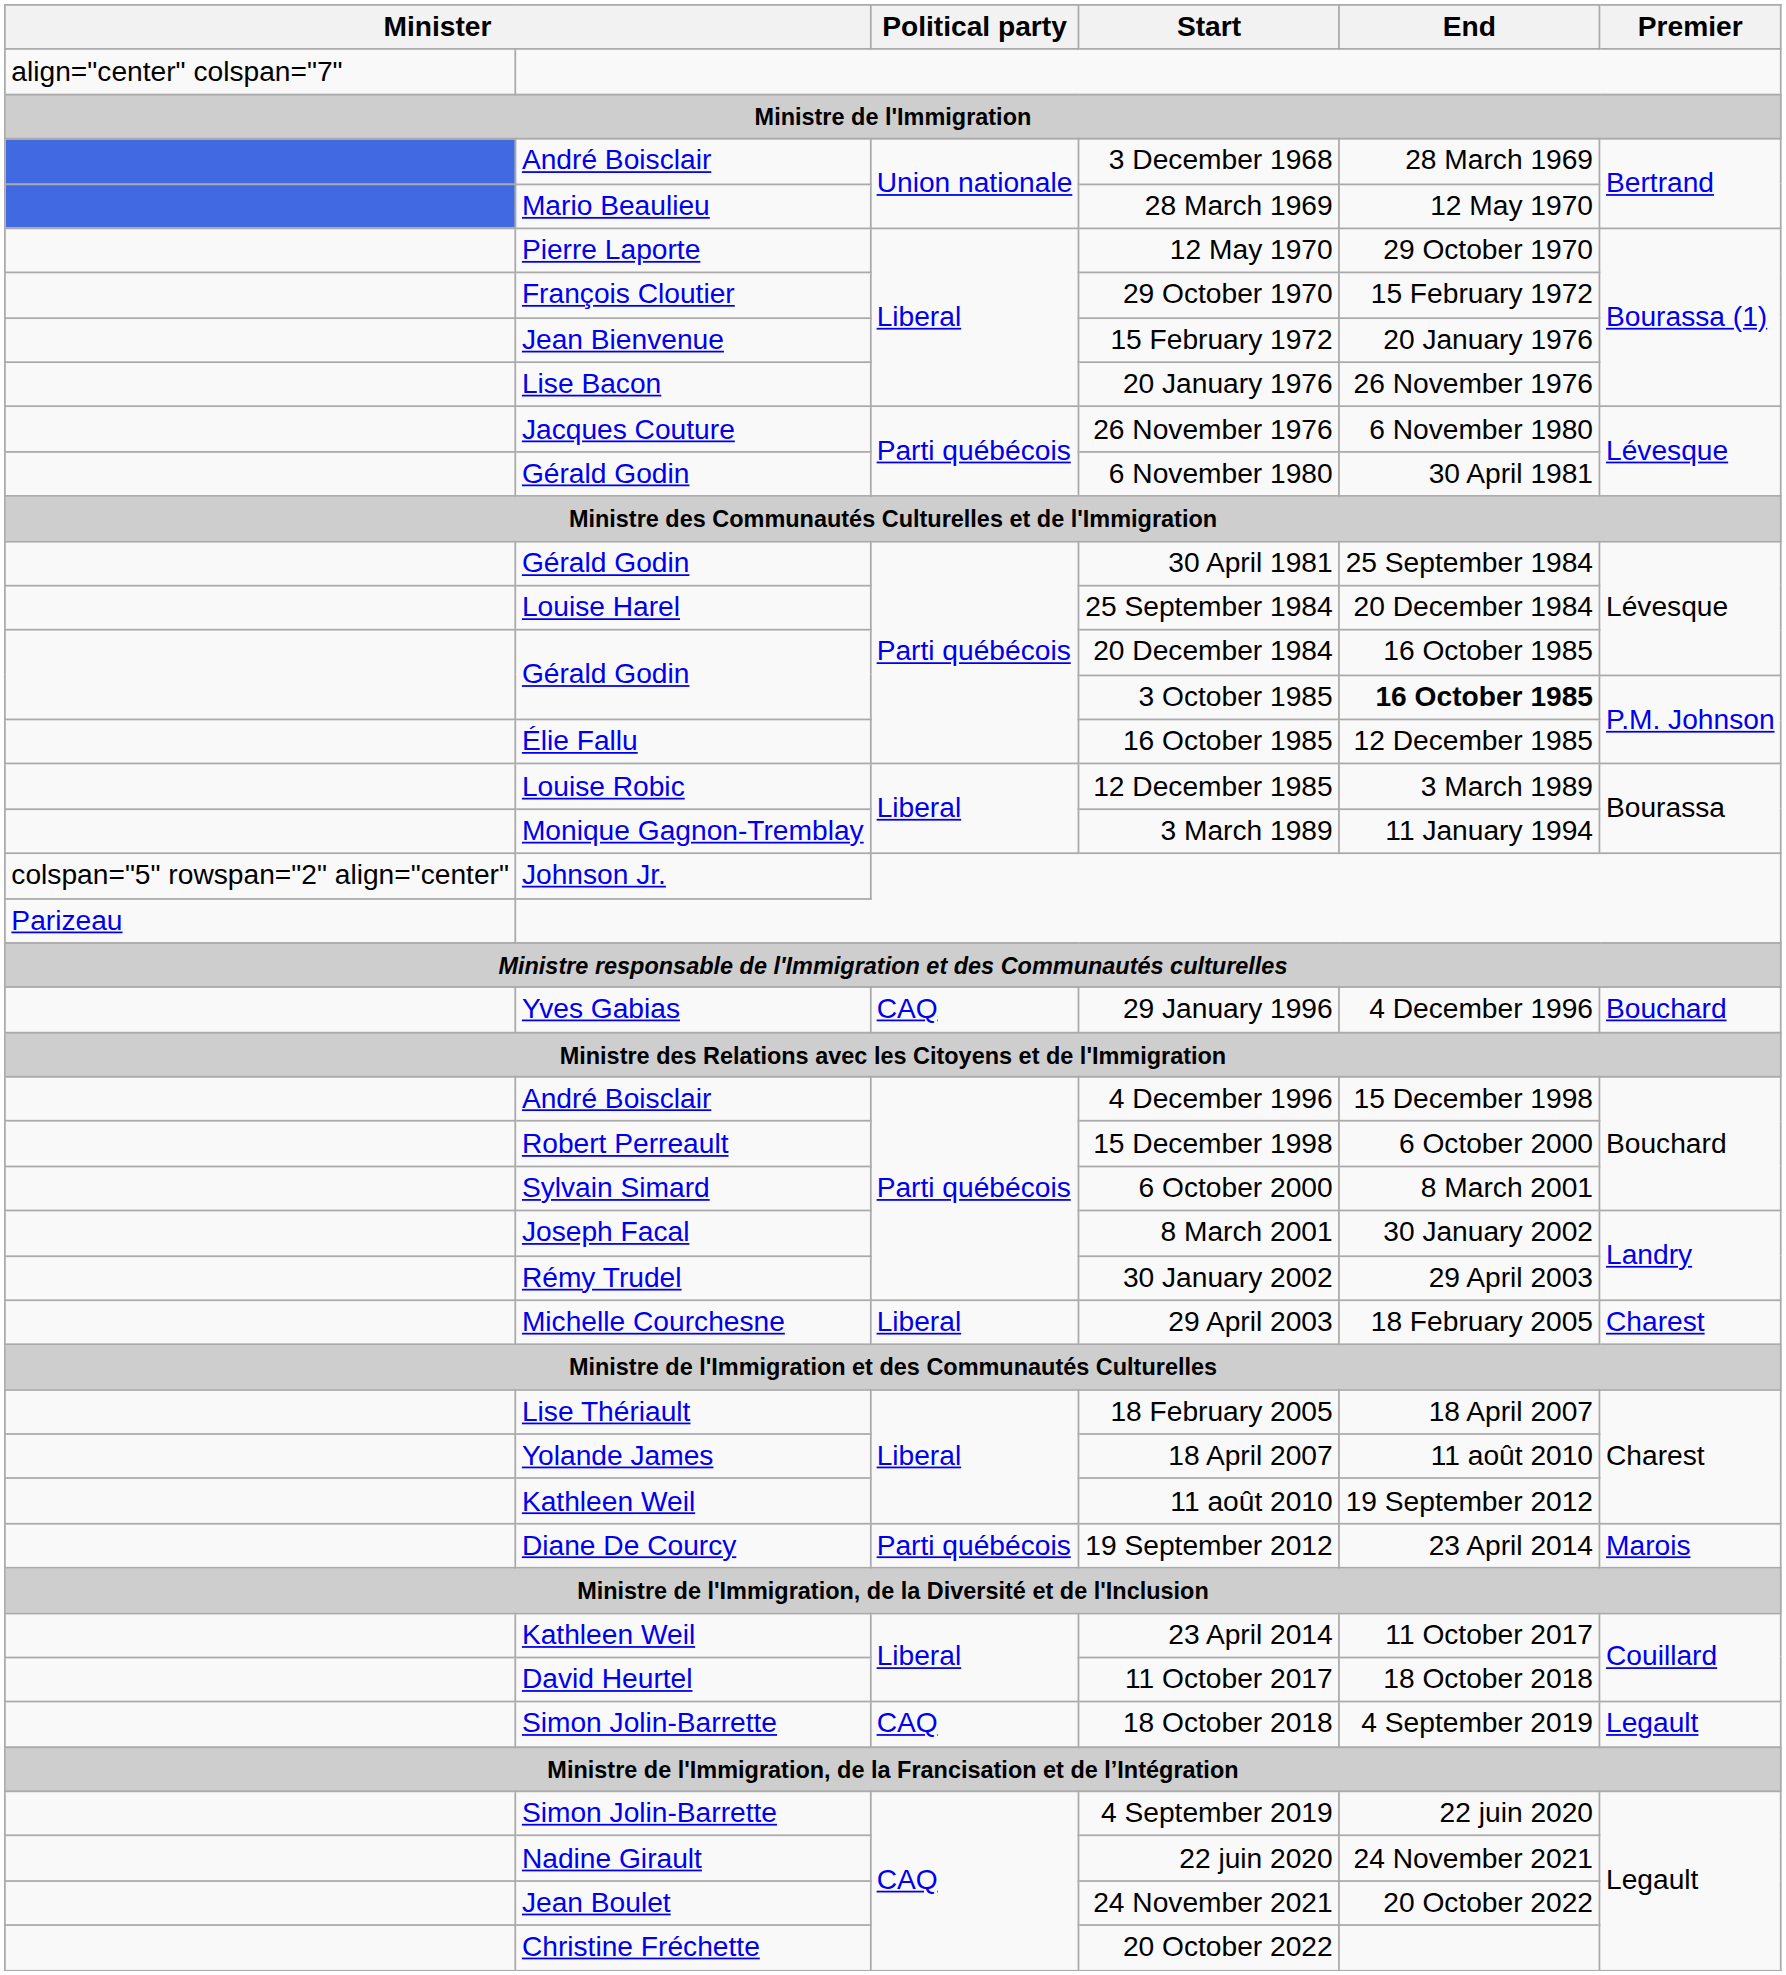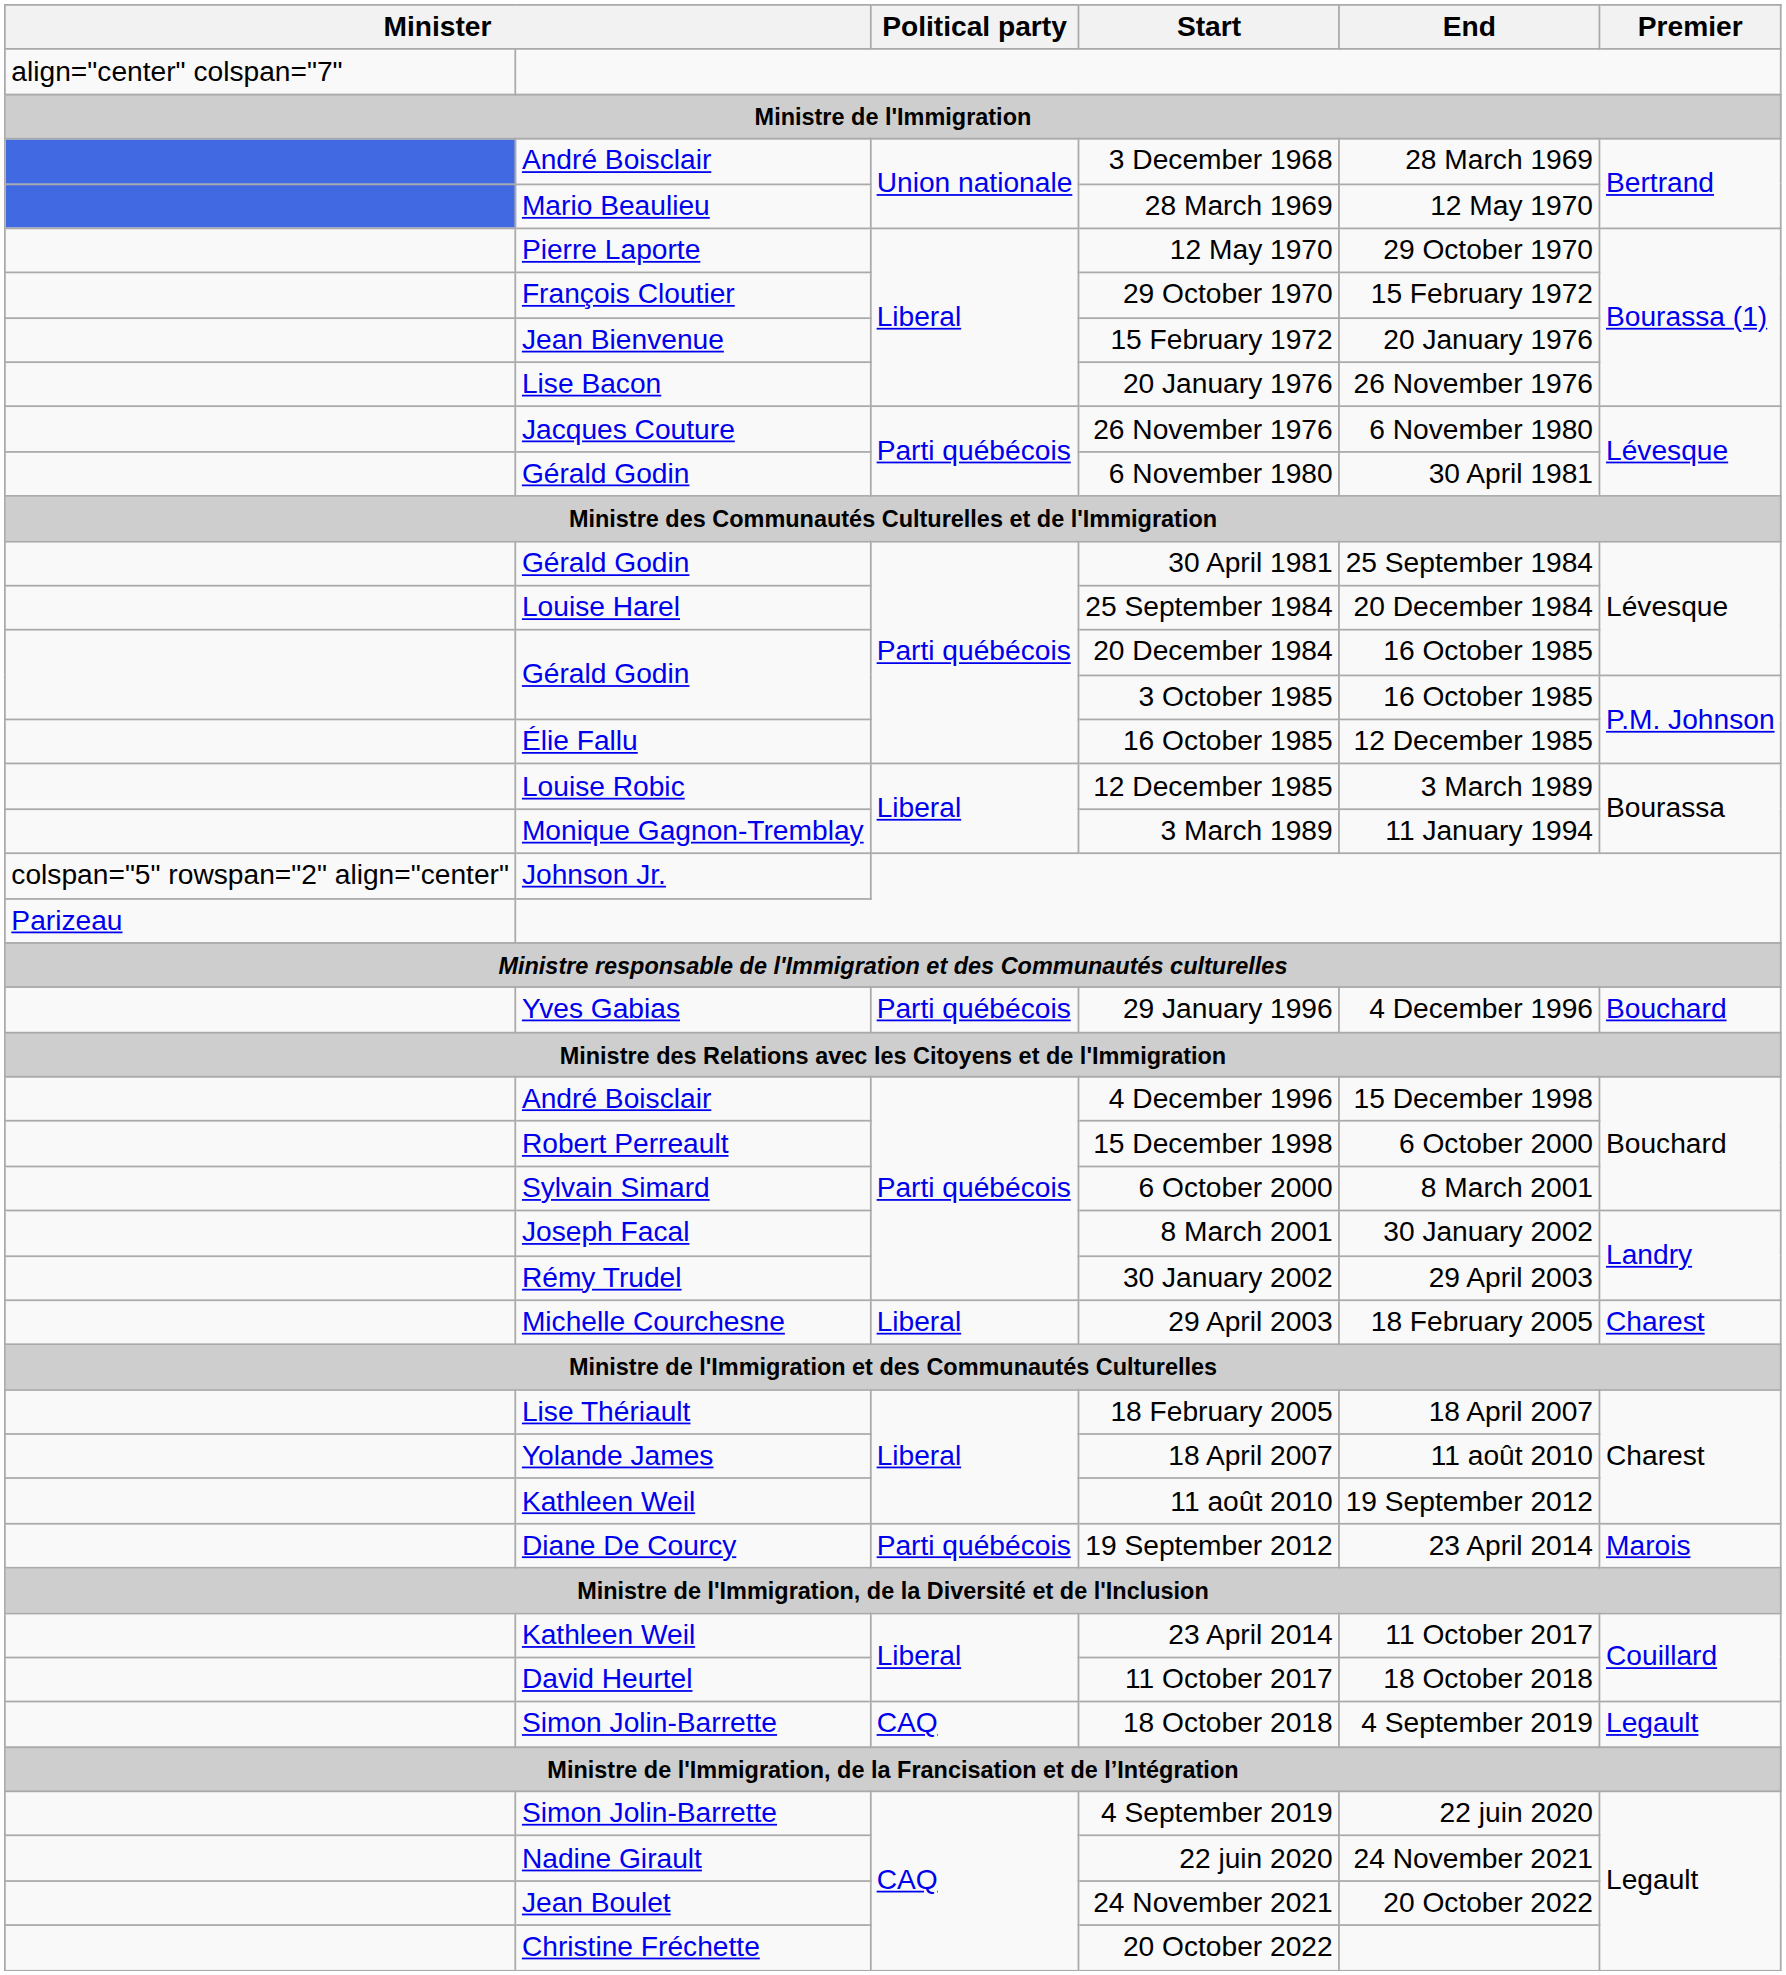 <table class="wikitable centre">
 <tr>
 <th scope="col" colspan="2">Minister</th>
 <th scope="col">Political party</th>
 <th scope="col">Start</th>
 <th scope="col">End</th>
 <th scope="col">Premier</th>
 </tr>
 <tr>
 <td>align="center" colspan="7" </td>
 </tr>
 <tr>
 <td colspan="6" style="background-color:#CECECE;" align="center"><strong><small>Ministre de l'Immigration</small></strong></td>
 </tr>
 <tr>
 <td bgcolor="RoyalBlue"></td>
 <td><a href='#'>André Boisclair</a></td>
 <td rowspan="2"><a href='#'>Union nationale</a></td>
 <td align=right>3 December 1968</td>
 <td align=right>28 March 1969</td>
 <td rowspan="2"><a href='#'>Bertrand</a></td>
 </tr>
 <tr>
 <td bgcolor="RoyalBlue"></td>
 <td><a href='#'>Mario Beaulieu</a></td>
 <td align=right>28 March 1969</td>
 <td align=right>12 May 1970</td>
 </tr>
 <tr>
 <td></td>
 <td><a href='#'>Pierre Laporte</a></td>
 <td rowspan="4"><a href='#'>Liberal</a></td>
 <td align=right>12 May 1970</td>
 <td align=right>29 October 1970</td>
 <td rowspan="4"><a href='#'>Bourassa (1)</a></td>
 </tr>
 <tr>
 <td></td>
 <td><a href='#'>François Cloutier</a></td>
 <td align=right>29 October 1970</td>
 <td align=right>15 February 1972</td>
 </tr>
 <tr>
 <td></td>
 <td><a href='#'>Jean Bienvenue</a></td>
 <td align=right>15 February 1972</td>
 <td align=right>20 January 1976</td>
 </tr>
 <tr>
 <td></td>
 <td><a href='#'>Lise Bacon</a></td>
 <td align=right>20 January 1976</td>
 <td align=right>26 November 1976</td>
 </tr>
 <tr>
 <td></td>
 <td><a href='#'>Jacques Couture</a></td>
 <td rowspan="2"><a href='#'>Parti québécois</a></td>
 <td align=right>26 November 1976</td>
 <td align=right>6 November 1980</td>
 <td rowspan="2"><a href='#'>Lévesque</a></td>
 </tr>
 <tr>
 <td></td>
 <td><a href='#'>Gérald Godin</a></td>
 <td align=right>6 November 1980</td>
 <td align=right>30 April 1981</td>
 </tr>
 <tr>
 <td colspan="6" style="background-color:#CECECE;" align="center"><strong><small>Ministre des Communautés Culturelles et de l'Immigration</small></strong></td>
 </tr>
 <tr>
 <td></td>
 <td><a href='#'>Gérald Godin</a></td>
 <td rowspan="5"><a href='#'>Parti québécois</a></td>
 <td align=right>30 April 1981</td>
 <td align=right>25 September 1984</td>
 <td rowspan="3">Lévesque</td>
 </tr>
 <tr>
 <td></td>
 <td><a href='#'>Louise Harel</a></td>
 <td align=right>25 September 1984</td>
 <td align=right>20 December 1984</td>
 </tr>
 <tr>
 <td rowspan=2></td>
 <td rowspan=2><a href='#'>Gérald Godin</a></td>
 <td align=right>20 December 1984</td>
 <td align=right>16 October 1985</td>
 </tr>
 <tr>
 <td align=right>3 October 1985</td>
-<td align=right><strong>16 October 1985</strong></td>
+<td align=right>16 October 1985</td>
 <td rowspan=2><a href='#'>P.M. Johnson</a></td>
 </tr>
 <tr>
 <td></td>
 <td><a href='#'>Élie Fallu</a></td>
 <td align=right>16 October 1985</td>
 <td align=right>12 December 1985</td>
 </tr>
 <tr>
 <td></td>
 <td><a href='#'>Louise Robic</a></td>
 <td rowspan="2"><a href='#'>Liberal</a></td>
 <td align=right>12 December 1985</td>
 <td align=right>3 March 1989</td>
 <td rowspan="2">Bourassa</td>
 </tr>
 <tr>
 <td></td>
 <td><a href='#'>Monique Gagnon-Tremblay</a></td>
 <td align=right>3 March 1989</td>
 <td align=right>11 January 1994</td>
 </tr>
 <tr>
 <td>colspan="5" rowspan="2" align="center" </td>
 <td><a href='#'>Johnson Jr.</a></td>
 </tr>
 <tr>
 <td><a href='#'>Parizeau</a></td>
 </tr>
 <tr>
 <td colspan="6" style="background-color:#CECECE;" align="center"><strong><small><em>Ministre responsable de l'Immigration et des Communautés culturelles</em></small></strong></td>
 </tr>
 <tr>
 <td></td>
 <td><a href='#'>Yves Gabias</a></td>
-<td><a href='#'>CAQ</a></td>
+<td><a href='#'>Parti québécois</a></td>
 <td align=right>29 January 1996</td>
 <td align=right>4 December 1996</td>
 <td><a href='#'>Bouchard</a></td>
 </tr>
 <tr>
 <td colspan="6" style="background-color:#CECECE;" align="center"><strong><small>Ministre des Relations avec les Citoyens et de l'Immigration</small></strong></td>
 </tr>
 <tr>
 <td></td>
 <td><a href='#'>André Boisclair</a></td>
 <td rowspan="5"><a href='#'>Parti québécois</a></td>
 <td align=right>4 December 1996</td>
 <td align=right>15 December 1998</td>
 <td rowspan="3">Bouchard</td>
 </tr>
 <tr>
 <td></td>
 <td><a href='#'>Robert Perreault</a></td>
 <td align=right>15 December 1998</td>
 <td align=right>6 October 2000</td>
 </tr>
 <tr>
 <td></td>
 <td><a href='#'>Sylvain Simard</a></td>
 <td align=right>6 October 2000</td>
 <td align=right>8 March 2001</td>
 </tr>
 <tr>
 <td></td>
 <td><a href='#'>Joseph Facal</a></td>
 <td align=right>8 March 2001</td>
 <td align=right>30 January 2002</td>
 <td rowspan="2"><a href='#'>Landry</a></td>
 </tr>
 <tr>
 <td></td>
 <td><a href='#'>Rémy Trudel</a></td>
 <td align=right>30 January 2002</td>
 <td align=right>29 April 2003</td>
 </tr>
 <tr>
 <td></td>
 <td><a href='#'>Michelle Courchesne</a></td>
 <td><a href='#'>Liberal</a></td>
 <td align=right>29 April 2003</td>
 <td align=right>18 February 2005</td>
 <td><a href='#'>Charest</a></td>
 </tr>
 <tr>
 <td colspan="6" style="background-color:#CECECE;" align="center"><strong><small>Ministre de l'Immigration et des Communautés Culturelles</small></strong></td>
 </tr>
 <tr>
 <td></td>
 <td><a href='#'>Lise Thériault</a></td>
 <td rowspan="3"><a href='#'>Liberal</a></td>
 <td align=right>18 February 2005</td>
 <td align=right>18 April 2007</td>
 <td rowspan="3">Charest</td>
 </tr>
 <tr>
 <td></td>
 <td><a href='#'>Yolande James</a></td>
 <td align=right>18 April 2007</td>
 <td align=right>11 août 2010</td>
 </tr>
 <tr>
 <td></td>
 <td><a href='#'>Kathleen Weil</a></td>
 <td align=right>11 août 2010</td>
 <td align=right>19 September 2012</td>
 </tr>
 <tr>
 <td></td>
 <td><a href='#'>Diane De Courcy</a></td>
 <td><a href='#'>Parti québécois</a></td>
 <td align=right>19 September 2012</td>
 <td align=right>23 April 2014</td>
 <td><a href='#'>Marois</a></td>
 </tr>
 <tr>
 <td colspan="6" style="background-color:#CECECE;" align="center"><strong><small>Ministre de l'Immigration, de la Diversité et de l'Inclusion</small></strong></td>
 </tr>
 <tr>
 <td></td>
 <td><a href='#'>Kathleen Weil</a></td>
 <td rowspan="2"><a href='#'>Liberal</a></td>
 <td align=right>23 April 2014</td>
 <td align=right>11 October 2017</td>
 <td rowspan="2"><a href='#'>Couillard</a></td>
 </tr>
 <tr>
 <td></td>
 <td><a href='#'>David Heurtel</a></td>
 <td align=right>11 October 2017</td>
 <td align=right>18 October 2018</td>
 </tr>
 <tr>
 <td></td>
 <td><a href='#'>Simon Jolin-Barrette</a></td>
 <td><a href='#'>CAQ</a></td>
 <td align=right>18 October 2018</td>
 <td align=right>4 September 2019</td>
 <td><a href='#'>Legault</a></td>
 </tr>
 <tr>
 <td colspan="6" style="background-color:#CECECE;" align="center"><strong><small>Ministre de l'Immigration, de la Francisation et de l’Intégration</small></strong></td>
 </tr>
 <tr>
 <td></td>
 <td><a href='#'>Simon Jolin-Barrette</a></td>
 <td rowspan="4"><a href='#'>CAQ</a></td>
 <td align=right>4 September 2019</td>
 <td align=right>22 juin 2020</td>
 <td rowspan="4">Legault</td>
 </tr>
 <tr>
 <td></td>
 <td><a href='#'>Nadine Girault</a></td>
 <td align=right>22 juin 2020</td>
 <td align=right>24 November 2021</td>
 </tr>
 <tr>
 <td></td>
 <td><a href='#'>Jean Boulet</a></td>
 <td align=right>24 November 2021</td>
 <td align=right>20 October 2022</td>
 </tr>
 <tr>
 <td></td>
 <td><a href='#'>Christine Fréchette</a></td>
 <td align=right>20 October 2022</td>
 <td></td>
 </tr>
 </table>
